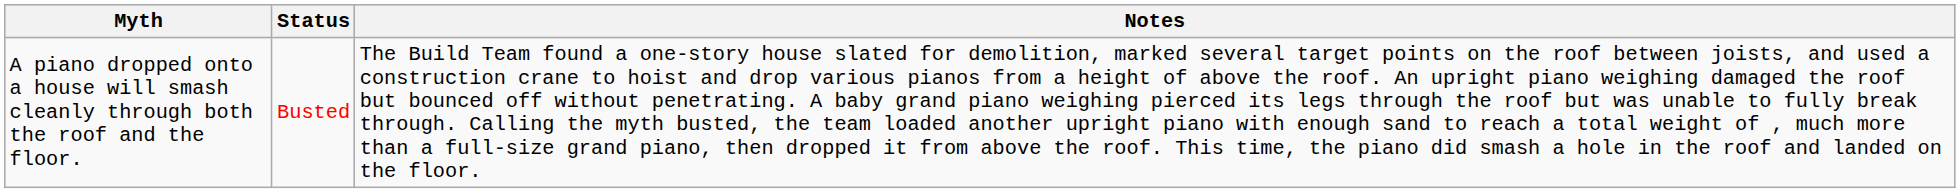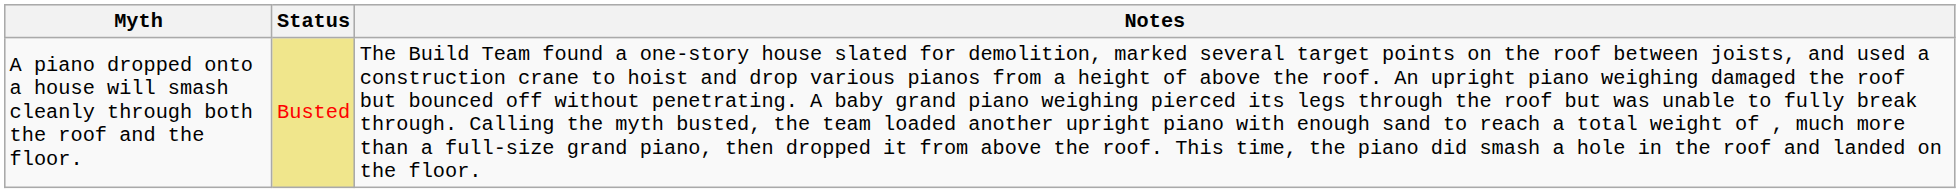 <table class="wikitable plainrowheaders">
 <tr>
 <th scope"col">Myth</th>
 <th scope"col">Status</th>
 <th scope"col">Notes</th>
 </tr>
 <tr>
 <td scope"row">A piano dropped onto a house will smash cleanly through both the roof and the floor.</td>
-<td style="color:red">Busted</td>
+<td style="background: khaki; color:red">Busted</td>
 <td>The Build Team found a one-story house slated for demolition, marked several target points on the roof between joists, and used a construction crane to hoist and drop various pianos from a height of  above the roof. An upright piano weighing  damaged the roof but bounced off without penetrating. A baby grand piano weighing  pierced its legs through the roof but was unable to fully break through. Calling the myth busted, the team loaded another upright piano with enough sand to reach a total weight of , much more than a full-size grand piano, then dropped it from  above the roof. This time, the piano did smash a hole in the roof and landed on the floor.</td>
 </tr>
 </table>
